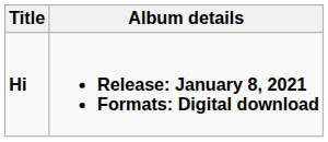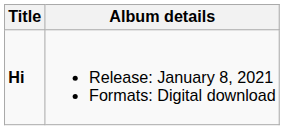 <table class="wikitable">
 <tr>
 <th>Title</th>
 <th>Album details</th>
 </tr>
 <tr>
 <td><strong>Hi</strong></td>
-<td><strong><br><ul><li>Release: January 8, 2021</li><li>Formats: Digital download</li></ul></strong></td>
+<td><br><ul><li>Release: January 8, 2021</li><li>Formats: Digital download</li></ul></td>
 </tr>
 </table>
